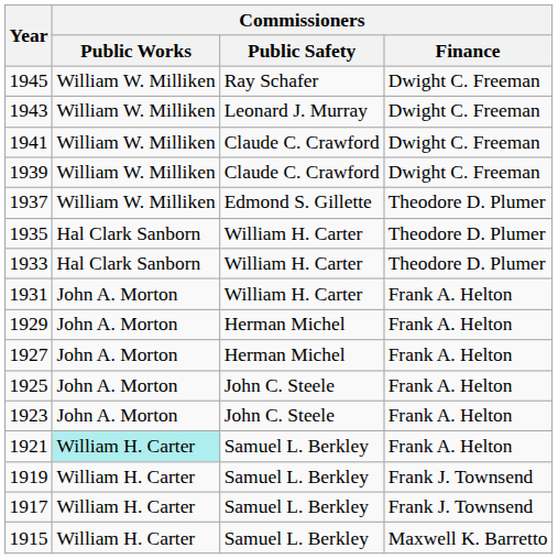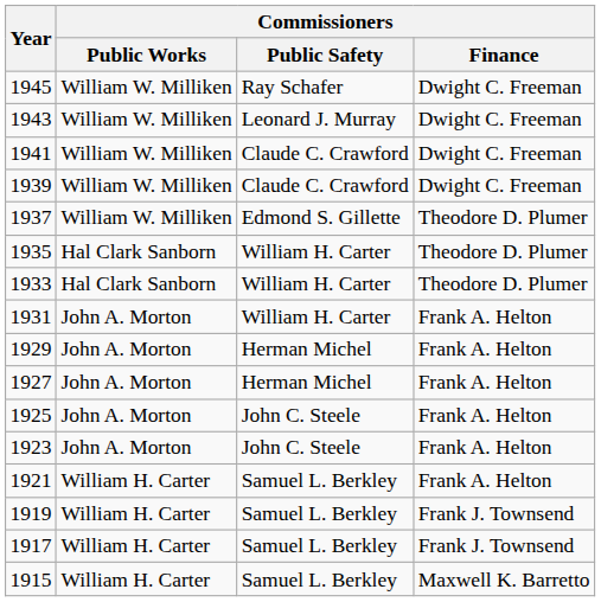 <table class="wikitable">
 <tr>
 <th rowspan="2"><strong>Year</strong></th>
 <th colspan="3"><strong>Commissioners</strong></th>
 </tr>
 <tr>
 <th><strong>Public Works</strong></th>
 <th><strong>Public Safety</strong></th>
 <th><strong>Finance</strong></th>
 </tr>
 <tr>
 <td>1945</td>
 <td>William W. Milliken</td>
 <td>Ray Schafer</td>
 <td>Dwight C. Freeman</td>
 </tr>
 <tr>
 <td>1943</td>
 <td>William W. Milliken</td>
 <td>Leonard J. Murray</td>
 <td>Dwight C. Freeman</td>
 </tr>
 <tr>
 <td>1941</td>
 <td>William W. Milliken</td>
 <td>Claude C. Crawford</td>
 <td>Dwight C. Freeman</td>
 </tr>
 <tr>
 <td>1939</td>
 <td>William W. Milliken</td>
 <td>Claude C. Crawford</td>
 <td>Dwight C. Freeman</td>
 </tr>
 <tr>
 <td>1937</td>
 <td>William W. Milliken</td>
 <td>Edmond S. Gillette</td>
 <td>Theodore D. Plumer</td>
 </tr>
 <tr>
 <td>1935</td>
 <td>Hal Clark Sanborn</td>
 <td>William H. Carter</td>
 <td>Theodore D. Plumer</td>
 </tr>
 <tr>
 <td>1933</td>
 <td>Hal Clark Sanborn</td>
 <td>William H. Carter</td>
 <td>Theodore D. Plumer</td>
 </tr>
 <tr>
 <td>1931</td>
 <td>John A. Morton</td>
 <td>William H. Carter</td>
 <td>Frank A. Helton</td>
 </tr>
 <tr>
 <td>1929</td>
 <td>John A. Morton</td>
 <td>Herman Michel</td>
 <td>Frank A. Helton</td>
 </tr>
 <tr>
 <td>1927</td>
 <td>John A. Morton</td>
 <td>Herman Michel</td>
 <td>Frank A. Helton</td>
 </tr>
 <tr>
 <td>1925</td>
 <td>John A. Morton</td>
 <td>John C. Steele</td>
 <td>Frank A. Helton</td>
 </tr>
 <tr>
 <td>1923</td>
 <td>John A. Morton</td>
 <td>John C. Steele</td>
 <td>Frank A. Helton</td>
 </tr>
 <tr>
 <td>1921</td>
-<td style="background: paleturquoise;">William H. Carter</td>
+<td>William H. Carter</td>
 <td>Samuel L. Berkley</td>
 <td>Frank A. Helton</td>
 </tr>
 <tr>
 <td>1919</td>
 <td>William H. Carter</td>
 <td>Samuel L. Berkley</td>
 <td>Frank J. Townsend</td>
 </tr>
 <tr>
 <td>1917</td>
 <td>William H. Carter</td>
 <td>Samuel L. Berkley</td>
 <td>Frank J. Townsend</td>
 </tr>
 <tr>
 <td>1915</td>
 <td>William H. Carter</td>
 <td>Samuel L. Berkley</td>
 <td>Maxwell K. Barretto</td>
 </tr>
 </table>
